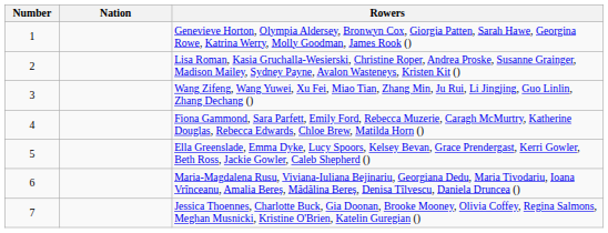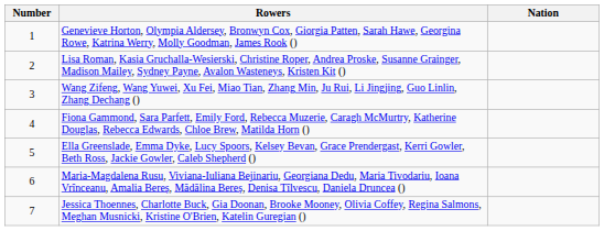 <table class="wikitable sortable" style="text-align:center; width: 70%;">
 <tr>
 <th width=50>Number</th>
+<th width=500>Rowers</th>
 <th width=125>Nation</th>
-<th width=500>Rowers</th>
 </tr>
 <tr>
 <td align=center>1</td>
+<td align=left><a href='#'>Genevieve Horton</a>, <a href='#'>Olympia Aldersey</a>, <a href='#'>Bronwyn Cox</a>, <a href='#'>Giorgia Patten</a>, <a href='#'>Sarah Hawe</a>, <a href='#'>Georgina Rowe</a>, <a href='#'>Katrina Werry</a>, <a href='#'>Molly Goodman</a>, <a href='#'>James Rook</a> ()</td>
 <td align=left></td>
-<td align=left><a href='#'>Genevieve Horton</a>, <a href='#'>Olympia Aldersey</a>, <a href='#'>Bronwyn Cox</a>, <a href='#'>Giorgia Patten</a>, <a href='#'>Sarah Hawe</a>, <a href='#'>Georgina Rowe</a>, <a href='#'>Katrina Werry</a>, <a href='#'>Molly Goodman</a>, <a href='#'>James Rook</a> ()</td>
 </tr>
 <tr>
 <td align=center>2</td>
+<td align=left><a href='#'>Lisa Roman</a>, <a href='#'>Kasia Gruchalla-Wesierski</a>, <a href='#'>Christine Roper</a>, <a href='#'>Andrea Proske</a>, <a href='#'>Susanne Grainger</a>, <a href='#'>Madison Mailey</a>, <a href='#'>Sydney Payne</a>, <a href='#'>Avalon Wasteneys</a>, <a href='#'>Kristen Kit</a> ()</td>
 <td align=left></td>
-<td align=left><a href='#'>Lisa Roman</a>, <a href='#'>Kasia Gruchalla-Wesierski</a>, <a href='#'>Christine Roper</a>, <a href='#'>Andrea Proske</a>, <a href='#'>Susanne Grainger</a>, <a href='#'>Madison Mailey</a>, <a href='#'>Sydney Payne</a>, <a href='#'>Avalon Wasteneys</a>, <a href='#'>Kristen Kit</a> ()</td>
 </tr>
 <tr>
 <td align=center>3</td>
+<td align=left><a href='#'>Wang Zifeng</a>, <a href='#'>Wang Yuwei</a>, <a href='#'>Xu Fei</a>, <a href='#'>Miao Tian</a>, <a href='#'>Zhang Min</a>, <a href='#'>Ju Rui</a>, <a href='#'>Li Jingjing</a>, <a href='#'>Guo Linlin</a>, <a href='#'>Zhang Dechang</a> ()</td>
 <td align=left></td>
-<td align=left><a href='#'>Wang Zifeng</a>, <a href='#'>Wang Yuwei</a>, <a href='#'>Xu Fei</a>, <a href='#'>Miao Tian</a>, <a href='#'>Zhang Min</a>, <a href='#'>Ju Rui</a>, <a href='#'>Li Jingjing</a>, <a href='#'>Guo Linlin</a>, <a href='#'>Zhang Dechang</a> ()</td>
 </tr>
 <tr>
 <td align=center>4</td>
+<td align=left><a href='#'>Fiona Gammond</a>, <a href='#'>Sara Parfett</a>, <a href='#'>Emily Ford</a>, <a href='#'>Rebecca Muzerie</a>, <a href='#'>Caragh McMurtry</a>, <a href='#'>Katherine Douglas</a>, <a href='#'>Rebecca Edwards</a>, <a href='#'>Chloe Brew</a>, <a href='#'>Matilda Horn</a> ()</td>
 <td align=left></td>
-<td align=left><a href='#'>Fiona Gammond</a>, <a href='#'>Sara Parfett</a>, <a href='#'>Emily Ford</a>, <a href='#'>Rebecca Muzerie</a>, <a href='#'>Caragh McMurtry</a>, <a href='#'>Katherine Douglas</a>, <a href='#'>Rebecca Edwards</a>, <a href='#'>Chloe Brew</a>, <a href='#'>Matilda Horn</a> ()</td>
 </tr>
 <tr>
 <td align=center>5</td>
+<td align=left><a href='#'>Ella Greenslade</a>, <a href='#'>Emma Dyke</a>, <a href='#'>Lucy Spoors</a>, <a href='#'>Kelsey Bevan</a>, <a href='#'>Grace Prendergast</a>, <a href='#'>Kerri Gowler</a>, <a href='#'>Beth Ross</a>, <a href='#'>Jackie Gowler</a>, <a href='#'>Caleb Shepherd</a> ()</td>
 <td align=left></td>
-<td align=left><a href='#'>Ella Greenslade</a>, <a href='#'>Emma Dyke</a>, <a href='#'>Lucy Spoors</a>, <a href='#'>Kelsey Bevan</a>, <a href='#'>Grace Prendergast</a>, <a href='#'>Kerri Gowler</a>, <a href='#'>Beth Ross</a>, <a href='#'>Jackie Gowler</a>, <a href='#'>Caleb Shepherd</a> ()</td>
 </tr>
 <tr>
 <td align=center>6</td>
+<td align=left><a href='#'>Maria-Magdalena Rusu</a>, <a href='#'>Viviana-Iuliana Bejinariu</a>, <a href='#'>Georgiana Dedu</a>, <a href='#'>Maria Tivodariu</a>, <a href='#'>Ioana Vrînceanu</a>, <a href='#'>Amalia Bereș</a>, <a href='#'>Mădălina Bereș</a>, <a href='#'>Denisa Tîlvescu</a>, <a href='#'>Daniela Druncea</a> ()</td>
 <td align=left></td>
-<td align=left><a href='#'>Maria-Magdalena Rusu</a>, <a href='#'>Viviana-Iuliana Bejinariu</a>, <a href='#'>Georgiana Dedu</a>, <a href='#'>Maria Tivodariu</a>, <a href='#'>Ioana Vrînceanu</a>, <a href='#'>Amalia Bereș</a>, <a href='#'>Mădălina Bereș</a>, <a href='#'>Denisa Tîlvescu</a>, <a href='#'>Daniela Druncea</a> ()</td>
 </tr>
 <tr>
 <td align=center>7</td>
+<td align=left><a href='#'>Jessica Thoennes</a>, <a href='#'>Charlotte Buck</a>, <a href='#'>Gia Doonan</a>, <a href='#'>Brooke Mooney</a>, <a href='#'>Olivia Coffey</a>, <a href='#'>Regina Salmons</a>, <a href='#'>Meghan Musnicki</a>, <a href='#'>Kristine O'Brien</a>, <a href='#'>Katelin Guregian</a> ()</td>
 <td align=left></td>
-<td align=left><a href='#'>Jessica Thoennes</a>, <a href='#'>Charlotte Buck</a>, <a href='#'>Gia Doonan</a>, <a href='#'>Brooke Mooney</a>, <a href='#'>Olivia Coffey</a>, <a href='#'>Regina Salmons</a>, <a href='#'>Meghan Musnicki</a>, <a href='#'>Kristine O'Brien</a>, <a href='#'>Katelin Guregian</a> ()</td>
 </tr>
 </table>
